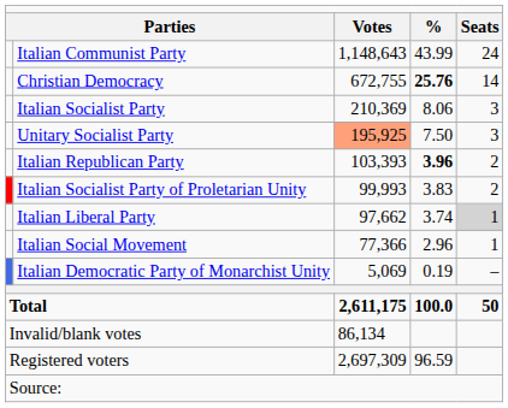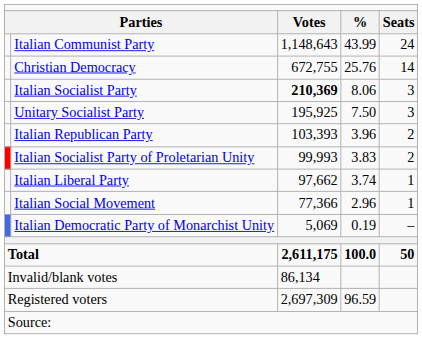 <table class="wikitable" style="font-size:100%">
 <tr>
 <td colspan=5></td>
 </tr>
 <tr bgcolor="EFEFEF">
 <th colspan=2>Parties</th>
 <th>Votes</th>
 <th>%</th>
 <th>Seats</th>
 </tr>
 <tr>
 <td style="background-color:"></td>
 <td><a href='#'>Italian Communist Party</a></td>
 <td align=right>1,148,643</td>
 <td align=right>43.99</td>
 <td align=right>24</td>
 </tr>
 <tr>
 <td style="background-color:"></td>
 <td><a href='#'>Christian Democracy</a></td>
 <td align=right>672,755</td>
-<td align=right><strong>25.76</strong></td>
+<td align=right>25.76</td>
 <td align=right>14</td>
 </tr>
 <tr>
 <td style="background-color:"></td>
 <td><a href='#'>Italian Socialist Party</a></td>
-<td align=right>210,369</td>
+<td align=right><strong>210,369</strong></td>
 <td align=right>8.06</td>
 <td align=right>3</td>
 </tr>
 <tr>
 <td style="background-color:"></td>
 <td><a href='#'>Unitary Socialist Party</a></td>
-<td align=right style="background: lightsalmon;">195,925</td>
+<td align=right>195,925</td>
 <td align=right>7.50</td>
 <td align=right>3</td>
 </tr>
 <tr>
 <td style="background-color:"></td>
 <td><a href='#'>Italian Republican Party</a></td>
 <td align=right>103,393</td>
-<td align=right><strong>3.96</strong></td>
+<td align=right>3.96</td>
 <td align=right>2</td>
 </tr>
 <tr>
 <td style="background-color:red"></td>
 <td><a href='#'>Italian Socialist Party of Proletarian Unity</a></td>
 <td align=right>99,993</td>
 <td align=right>3.83</td>
 <td align=right>2</td>
 </tr>
 <tr>
 <td style="background-color:"></td>
 <td><a href='#'>Italian Liberal Party</a></td>
 <td align=right>97,662</td>
 <td align=right>3.74</td>
-<td align=right style="background: lightgrey;">1</td>
+<td align=right>1</td>
 </tr>
 <tr>
 <td style="background-color:"></td>
 <td><a href='#'>Italian Social Movement</a></td>
 <td align=right>77,366</td>
 <td align=right>2.96</td>
 <td align=right>1</td>
 </tr>
 <tr>
 <td style="background-color:royalblue"></td>
 <td><a href='#'>Italian Democratic Party of Monarchist Unity</a></td>
 <td align=right>5,069</td>
 <td align=right>0.19</td>
 <td align=right>–</td>
 </tr>
 <tr>
 <th colspan="5"></th>
 </tr>
 <tr>
 <td colspan=2><strong>Total</strong></td>
 <td align=right><strong>2,611,175</strong></td>
 <td align=right><strong>100.0</strong></td>
 <td align=right><strong>50</strong></td>
 </tr>
 <tr>
 <td colspan="2">Invalid/blank votes</td>
 <td>86,134</td>
 <td></td>
 <td></td>
 </tr>
 <tr>
 <td colspan="2">Registered voters</td>
 <td>2,697,309</td>
 <td>96.59</td>
 <td></td>
 </tr>
 <tr>
 <td colspan=5>Source: </td>
 </tr>
 </table>
